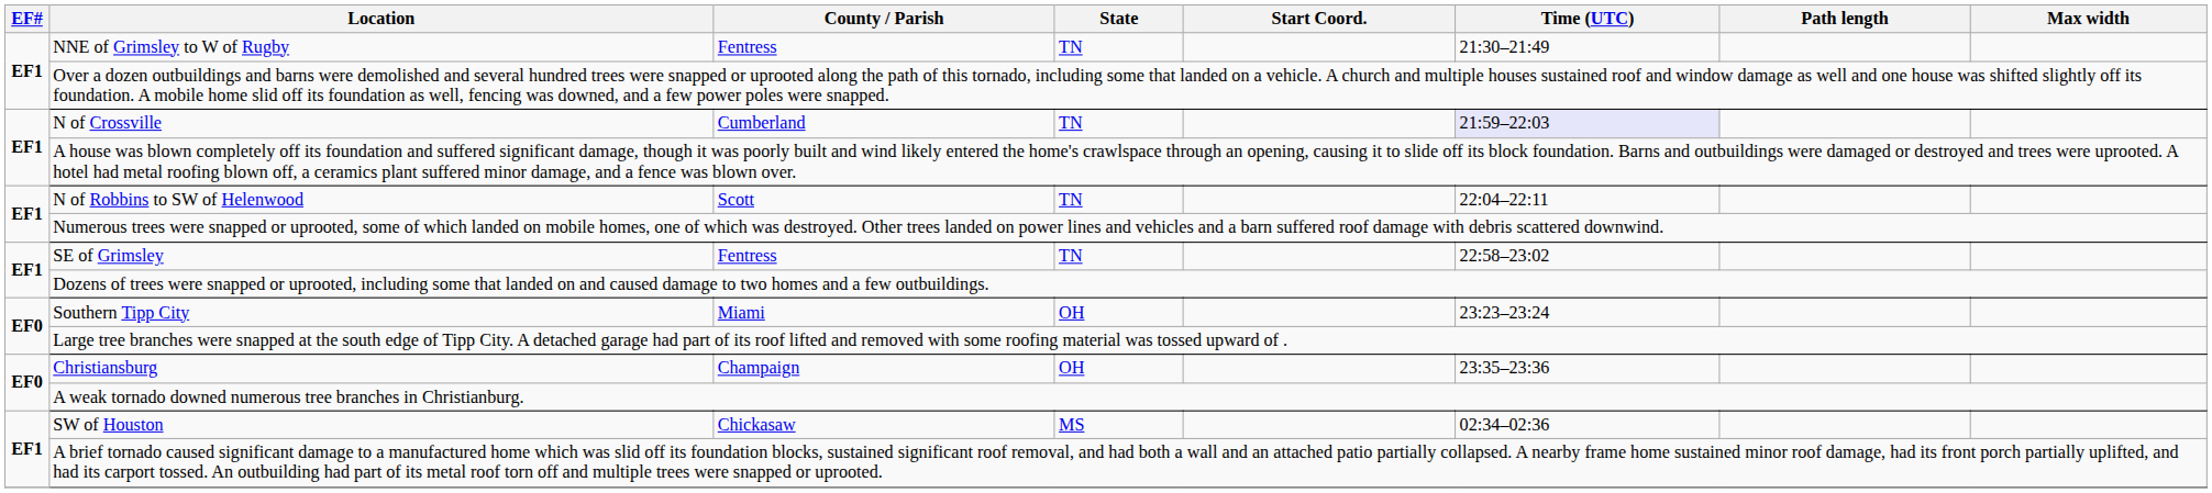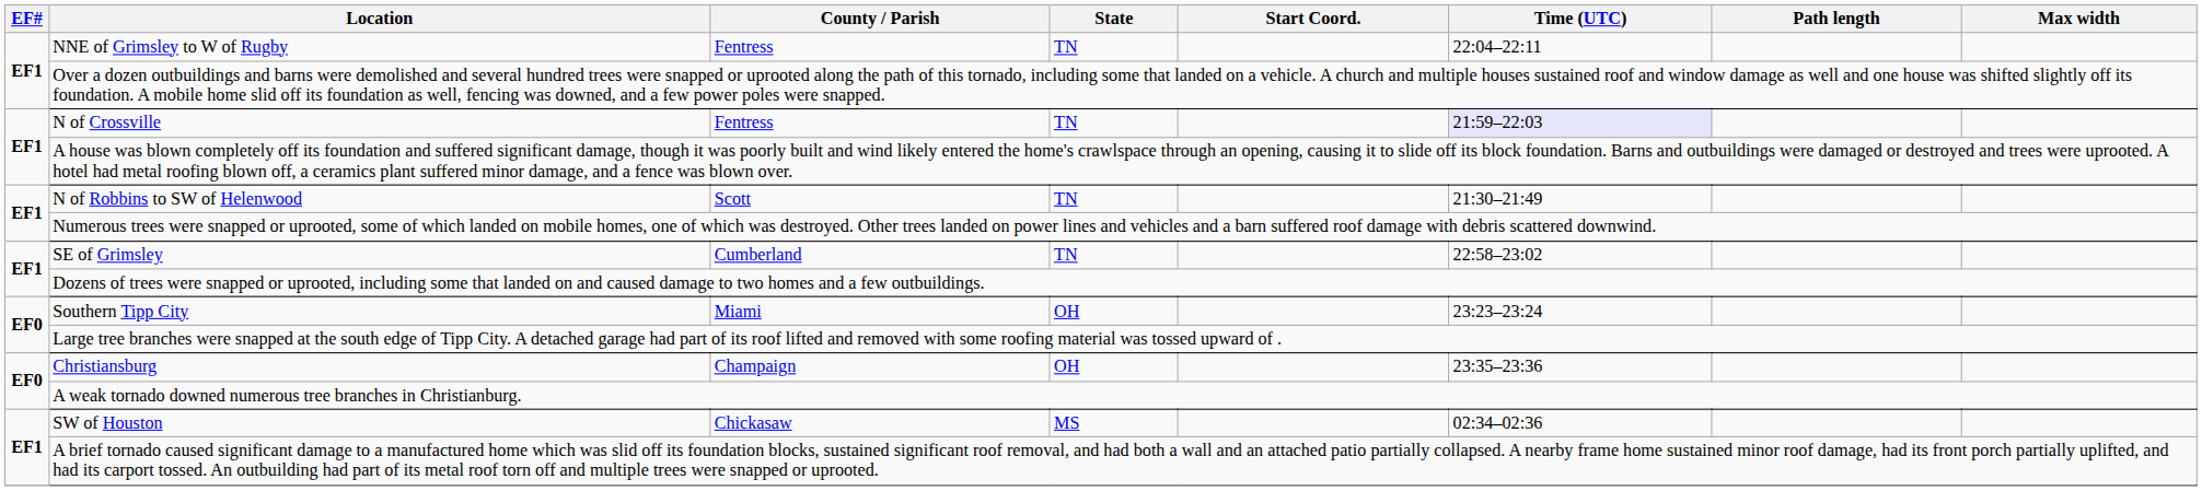 <table class="wikitable sortable" style="width:100%;">
 <tr>
 <th scope="col" width="2%" align="center"><a href='#'>EF#</a></th>
 <th scope="col" align="center" class="unsortable">Location</th>
 <th scope="col" align="center" class="unsortable">County / Parish</th>
 <th scope="col" align="center">State</th>
 <th scope="col" align="center">Start Coord.</th>
 <th scope="col" align="center">Time (<a href='#'>UTC</a>)</th>
 <th scope="col" align="center">Path length</th>
 <th scope="col" align="center">Max width</th>
 </tr>
 <tr>
 <td rowspan="2" align="center"><strong>EF1</strong></td>
 <td>NNE of <a href='#'>Grimsley</a> to W of <a href='#'>Rugby</a></td>
 <td><a href='#'>Fentress</a></td>
 <td><a href='#'>TN</a></td>
 <td></td>
-<td>21:30–21:49</td>
+<td>22:04–22:11</td>
 <td></td>
 <td></td>
 </tr>
 <tr class="expand-child">
 <td colspan="8" style=" border-bottom: 1px solid black;">Over a dozen outbuildings and barns were demolished and several hundred trees were snapped or uprooted along the path of this tornado, including some that landed on a vehicle. A church and multiple houses sustained roof and window damage as well and one house was shifted slightly off its foundation. A mobile home slid off its foundation as well, fencing was downed, and a few power poles were snapped.</td>
 </tr>
 <tr>
 <td rowspan="2" align="center"><strong>EF1</strong></td>
 <td>N of <a href='#'>Crossville</a></td>
-<td><a href='#'>Cumberland</a></td>
+<td><a href='#'>Fentress</a></td>
 <td><a href='#'>TN</a></td>
 <td></td>
 <td style="background: lavender;">21:59–22:03</td>
 <td></td>
 <td></td>
 </tr>
 <tr class="expand-child">
 <td colspan="8" style=" border-bottom: 1px solid black;">A house was blown completely off its foundation and suffered significant damage, though it was poorly built and wind likely entered the home's crawlspace through an opening, causing it to slide off its block foundation. Barns and outbuildings were damaged or destroyed and trees were uprooted. A hotel had metal roofing blown off, a ceramics plant suffered minor damage, and a fence was blown over.</td>
 </tr>
 <tr>
 <td rowspan="2" align="center"><strong>EF1</strong></td>
 <td>N of <a href='#'>Robbins</a> to SW of <a href='#'>Helenwood</a></td>
 <td><a href='#'>Scott</a></td>
 <td><a href='#'>TN</a></td>
 <td></td>
-<td>22:04–22:11</td>
+<td>21:30–21:49</td>
 <td></td>
 <td></td>
 </tr>
 <tr class="expand-child">
 <td colspan="8" style=" border-bottom: 1px solid black;">Numerous trees were snapped or uprooted, some of which landed on mobile homes, one of which was destroyed. Other trees landed on power lines and vehicles and a barn suffered roof damage with debris scattered downwind.</td>
 </tr>
 <tr>
 <td rowspan="2" align="center"><strong>EF1</strong></td>
 <td>SE of <a href='#'>Grimsley</a></td>
-<td><a href='#'>Fentress</a></td>
+<td><a href='#'>Cumberland</a></td>
 <td><a href='#'>TN</a></td>
 <td></td>
 <td>22:58–23:02</td>
 <td></td>
 <td></td>
 </tr>
 <tr class="expand-child">
 <td colspan="8" style=" border-bottom: 1px solid black;">Dozens of trees were snapped or uprooted, including some that landed on and caused damage to two homes and a few outbuildings.</td>
 </tr>
 <tr>
 <td rowspan="2" align="center"><strong>EF0</strong></td>
 <td>Southern <a href='#'>Tipp City</a></td>
 <td><a href='#'>Miami</a></td>
 <td><a href='#'>OH</a></td>
 <td></td>
 <td>23:23–23:24</td>
 <td></td>
 <td></td>
 </tr>
 <tr class="expand-child">
 <td colspan="8" style=" border-bottom: 1px solid black;">Large tree branches were snapped at the south edge of Tipp City. A detached garage had part of its roof lifted and removed with some roofing material was tossed upward of .</td>
 </tr>
 <tr>
 <td rowspan="2" align="center"><strong>EF0</strong></td>
 <td><a href='#'>Christiansburg</a></td>
 <td><a href='#'>Champaign</a></td>
 <td><a href='#'>OH</a></td>
 <td></td>
 <td>23:35–23:36</td>
 <td></td>
 <td></td>
 </tr>
 <tr class="expand-child">
 <td colspan="8" style=" border-bottom: 1px solid black;">A weak tornado downed numerous tree branches in Christianburg.</td>
 </tr>
 <tr>
 <td rowspan="2" align="center"><strong>EF1</strong></td>
 <td>SW of <a href='#'>Houston</a></td>
 <td><a href='#'>Chickasaw</a></td>
 <td><a href='#'>MS</a></td>
 <td></td>
 <td>02:34–02:36</td>
 <td></td>
 <td></td>
 </tr>
 <tr class="expand-child">
 <td colspan="8" style=" border-bottom: 1px solid black;">A brief tornado caused significant damage to a manufactured home which was slid off its foundation blocks, sustained significant roof removal, and had both a wall and an attached patio partially collapsed. A nearby frame home sustained minor roof damage, had its front porch partially uplifted, and had its carport tossed. An outbuilding had part of its metal roof torn off and multiple trees were snapped or uprooted.</td>
 </tr>
 <tr>
 </tr>
 </table>
